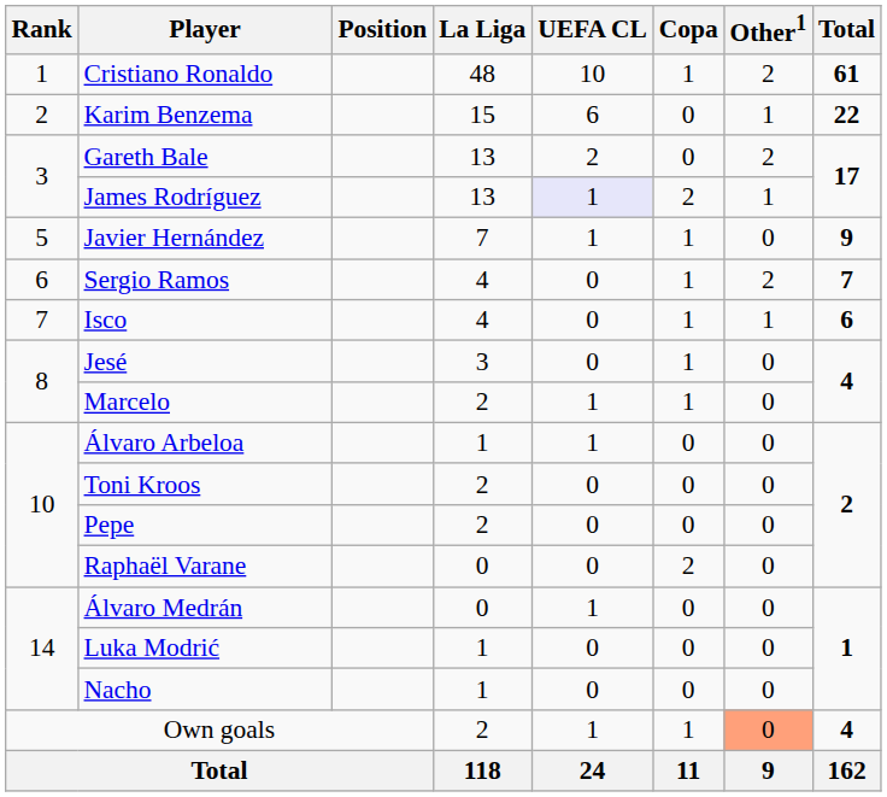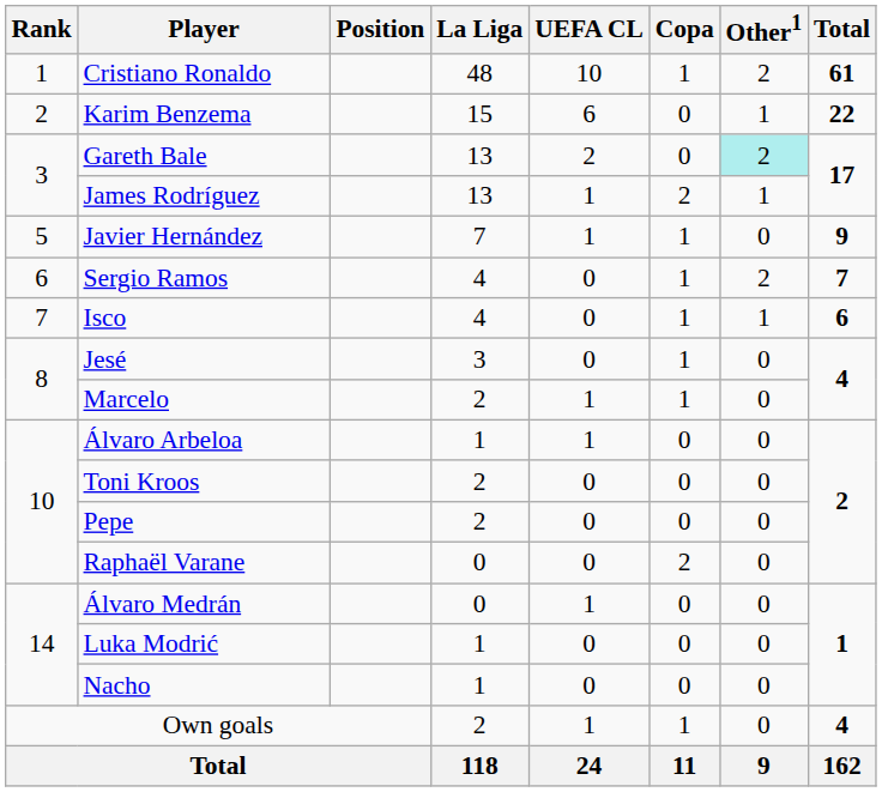 <table class="wikitable">
 <tr>
 <th>Rank</th>
 <th style="width:150px;">Player</th>
 <th>Position</th>
 <th>La Liga</th>
 <th>UEFA CL</th>
 <th>Copa</th>
 <th>Other<sup>1</sup></th>
 <th>Total</th>
 </tr>
 <tr>
 <td align=center>1</td>
 <td> <a href='#'>Cristiano Ronaldo</a></td>
 <td align=center></td>
 <td align=center>48</td>
 <td align=center>10</td>
 <td align=center>1</td>
 <td align=center>2</td>
 <td align=center><strong>61</strong></td>
 </tr>
 <tr>
 <td align=center>2</td>
 <td> <a href='#'>Karim Benzema</a></td>
 <td align=center></td>
 <td align=center>15</td>
 <td align=center>6</td>
 <td align=center>0</td>
 <td align=center>1</td>
 <td align=center><strong>22</strong></td>
 </tr>
 <tr>
 <td align=center rowspan=2>3</td>
 <td> <a href='#'>Gareth Bale</a></td>
 <td align=center></td>
 <td align=center>13</td>
 <td align=center>2</td>
 <td align=center>0</td>
-<td align=center>2</td>
+<td align=center style="background: paleturquoise;">2</td>
 <td align=center rowspan=2><strong>17</strong></td>
 </tr>
 <tr>
 <td> <a href='#'>James Rodríguez</a></td>
 <td align=center></td>
 <td align=center>13</td>
-<td align=center style="background: lavender;">1</td>
+<td align=center>1</td>
 <td align=center>2</td>
 <td align=center>1</td>
 </tr>
 <tr>
 <td align=center>5</td>
 <td> <a href='#'>Javier Hernández</a></td>
 <td align=center></td>
 <td align=center>7</td>
 <td align=center>1</td>
 <td align=center>1</td>
 <td align=center>0</td>
 <td align=center><strong>9</strong></td>
 </tr>
 <tr>
 <td align=center>6</td>
 <td> <a href='#'>Sergio Ramos</a></td>
 <td align=center></td>
 <td align=center>4</td>
 <td align=center>0</td>
 <td align=center>1</td>
 <td align=center>2</td>
 <td align=center><strong>7</strong></td>
 </tr>
 <tr>
 <td align=center>7</td>
 <td> <a href='#'>Isco</a></td>
 <td align=center></td>
 <td align=center>4</td>
 <td align=center>0</td>
 <td align=center>1</td>
 <td align=center>1</td>
 <td align=center><strong>6</strong></td>
 </tr>
 <tr>
 <td align=center rowspan=2>8</td>
 <td> <a href='#'>Jesé</a></td>
 <td align=center></td>
 <td align=center>3</td>
 <td align=center>0</td>
 <td align=center>1</td>
 <td align=center>0</td>
 <td align=center rowspan=2><strong>4</strong></td>
 </tr>
 <tr>
 <td> <a href='#'>Marcelo</a></td>
 <td align=center></td>
 <td align=center>2</td>
 <td align=center>1</td>
 <td align=center>1</td>
 <td align=center>0</td>
 </tr>
 <tr>
 <td align=center rowspan=4>10</td>
 <td> <a href='#'>Álvaro Arbeloa</a></td>
 <td align=center></td>
 <td align=center>1</td>
 <td align=center>1</td>
 <td align=center>0</td>
 <td align=center>0</td>
 <td align=center rowspan=4><strong>2</strong></td>
 </tr>
 <tr>
 <td> <a href='#'>Toni Kroos</a></td>
 <td align=center></td>
 <td align=center>2</td>
 <td align=center>0</td>
 <td align=center>0</td>
 <td align=center>0</td>
 </tr>
 <tr>
 <td> <a href='#'>Pepe</a></td>
 <td align=center></td>
 <td align=center>2</td>
 <td align=center>0</td>
 <td align=center>0</td>
 <td align=center>0</td>
 </tr>
 <tr>
 <td> <a href='#'>Raphaël Varane</a></td>
 <td align=center></td>
 <td align=center>0</td>
 <td align=center>0</td>
 <td align=center>2</td>
 <td align=center>0</td>
 </tr>
 <tr>
 <td align=center rowspan=3>14</td>
 <td> <a href='#'>Álvaro Medrán</a></td>
 <td align=center></td>
 <td align=center>0</td>
 <td align=center>1</td>
 <td align=center>0</td>
 <td align=center>0</td>
 <td align=center rowspan=3><strong>1</strong></td>
 </tr>
 <tr>
 <td> <a href='#'>Luka Modrić</a></td>
 <td align=center></td>
 <td align=center>1</td>
 <td align=center>0</td>
 <td align=center>0</td>
 <td align=center>0</td>
 </tr>
 <tr>
 <td> <a href='#'>Nacho</a></td>
 <td align=center></td>
 <td align=center>1</td>
 <td align=center>0</td>
 <td align=center>0</td>
 <td align=center>0</td>
 </tr>
 <tr>
 <td align=center colspan=3>Own goals</td>
 <td align=center>2</td>
 <td align=center>1</td>
 <td align=center>1</td>
-<td align=center style="background: lightsalmon;">0</td>
+<td align=center>0</td>
 <td align=center><strong>4</strong></td>
 </tr>
 <tr>
 <th align=center colspan=3>Total</th>
 <th align=center>118</th>
 <th align=center>24</th>
 <th align=center>11</th>
 <th align=center>9</th>
 <th align=center>162</th>
 </tr>
 </table>
